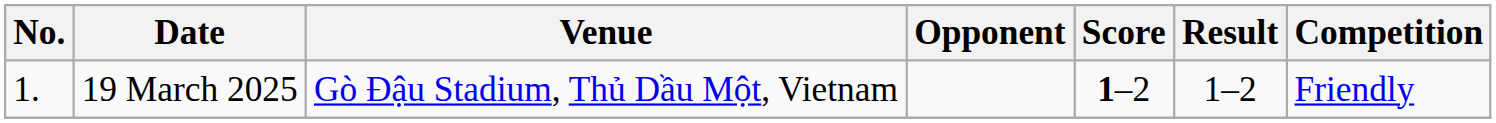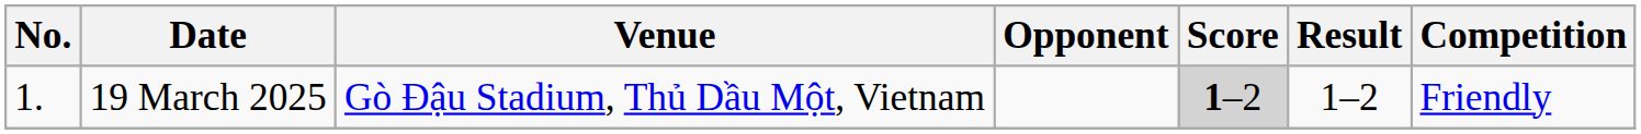 <table class="wikitable">
 <tr>
 <th>No.</th>
 <th>Date</th>
 <th>Venue</th>
 <th>Opponent</th>
 <th>Score</th>
 <th>Result</th>
 <th>Competition</th>
 </tr>
 <tr>
 <td>1.</td>
 <td>19 March 2025</td>
 <td><a href='#'>Gò Đậu Stadium</a>, <a href='#'>Thủ Dầu Một</a>, Vietnam</td>
 <td></td>
-<td align=center><strong>1</strong>–2</td>
+<td align=center style="background: lightgrey;"><strong>1</strong>–2</td>
 <td align=center>1–2</td>
 <td><a href='#'>Friendly</a></td>
 </tr>
 <tr>
 </tr>
 </table>
